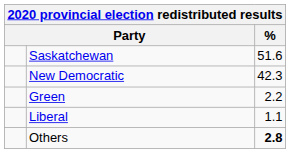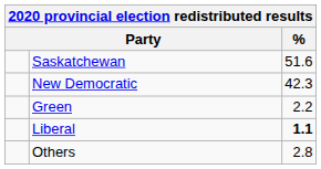 <table class="wikitable">
 <tr>
 <th colspan="4"><a href='#'>2020 provincial election</a> redistributed results</th>
 </tr>
 <tr>
 <th bgcolor="#DDDDFF" width="130px" colspan="2">Party</th>
 <th bgcolor="#DDDDFF" width="30px">%</th>
 </tr>
 <tr>
 <td> </td>
 <td><a href='#'>Saskatchewan</a></td>
 <td align=right>51.6</td>
 </tr>
 <tr>
 <td> </td>
 <td><a href='#'>New Democratic</a></td>
 <td align=right>42.3</td>
 </tr>
 <tr>
 <td> </td>
 <td><a href='#'>Green</a></td>
 <td align=right>2.2</td>
 </tr>
 <tr>
 <td> </td>
 <td><a href='#'>Liberal</a></td>
-<td align=right>1.1</td>
+<td align=right><strong>1.1</strong></td>
 </tr>
 <tr>
 <td> </td>
 <td>Others</td>
-<td align=right><strong>2.8</strong></td>
+<td align=right>2.8</td>
 </tr>
 </table>
